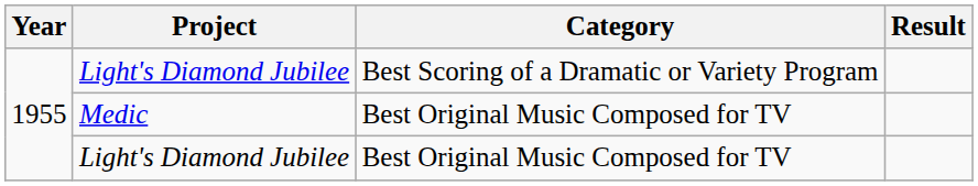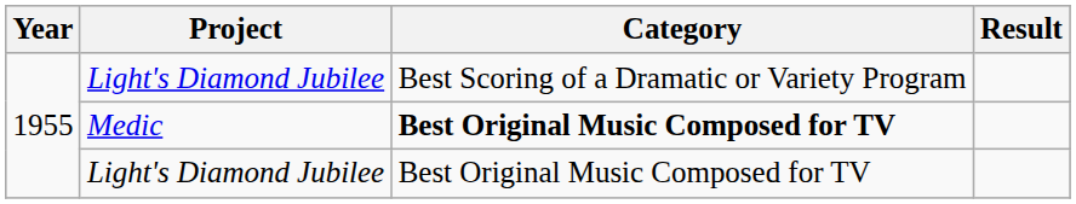 <table class="wikitable">
 <tr>
 <th>Year</th>
 <th>Project</th>
 <th>Category</th>
 <th>Result</th>
 </tr>
 <tr>
 <td rowspan="3">1955</td>
 <td><em><a href='#'>Light's Diamond Jubilee</a></em></td>
 <td>Best Scoring of a Dramatic or Variety Program</td>
 <td></td>
 </tr>
 <tr>
 <td><em><a href='#'>Medic</a></em></td>
-<td>Best Original Music Composed for TV</td>
+<td><strong>Best Original Music Composed for TV</strong></td>
 <td></td>
 </tr>
 <tr>
 <td><em>Light's Diamond Jubilee</em></td>
 <td>Best Original Music Composed for TV</td>
 <td></td>
 </tr>
 </table>
